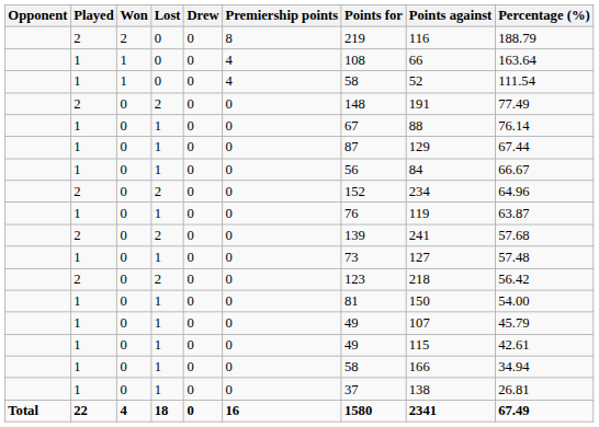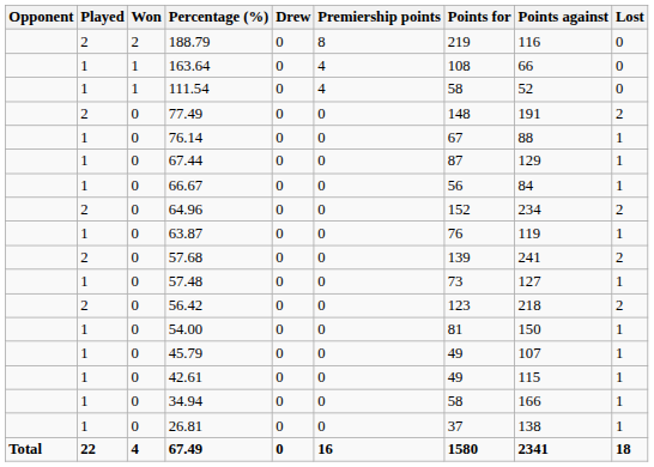 <table class="wikitable">
 <tr>
 <th>Opponent</th>
 <th>Played</th>
 <th>Won</th>
-<th>Lost</th>
+<th>Percentage (%)</th>
 <th>Drew</th>
 <th>Premiership points</th>
 <th>Points for</th>
 <th>Points against</th>
-<th>Percentage (%)</th>
+<th>Lost</th>
 </tr>
 <tr>
 <td></td>
 <td>2</td>
 <td>2</td>
-<td>0</td>
+<td>188.79</td>
 <td>0</td>
 <td>8</td>
 <td>219</td>
 <td>116</td>
-<td>188.79</td>
+<td>0</td>
 </tr>
 <tr>
 <td></td>
 <td>1</td>
 <td>1</td>
-<td>0</td>
+<td>163.64</td>
 <td>0</td>
 <td>4</td>
 <td>108</td>
 <td>66</td>
-<td>163.64</td>
+<td>0</td>
 </tr>
 <tr>
 <td></td>
 <td>1</td>
 <td>1</td>
-<td>0</td>
+<td>111.54</td>
 <td>0</td>
 <td>4</td>
 <td>58</td>
 <td>52</td>
-<td>111.54</td>
+<td>0</td>
 </tr>
 <tr>
 <td></td>
 <td>2</td>
 <td>0</td>
-<td>2</td>
+<td>77.49</td>
 <td>0</td>
 <td>0</td>
 <td>148</td>
 <td>191</td>
-<td>77.49</td>
+<td>2</td>
 </tr>
 <tr>
 <td></td>
 <td>1</td>
 <td>0</td>
-<td>1</td>
+<td>76.14</td>
 <td>0</td>
 <td>0</td>
 <td>67</td>
 <td>88</td>
-<td>76.14</td>
+<td>1</td>
 </tr>
 <tr>
 <td></td>
 <td>1</td>
 <td>0</td>
-<td>1</td>
+<td>67.44</td>
 <td>0</td>
 <td>0</td>
 <td>87</td>
 <td>129</td>
-<td>67.44</td>
+<td>1</td>
 </tr>
 <tr>
 <td></td>
 <td>1</td>
 <td>0</td>
-<td>1</td>
+<td>66.67</td>
 <td>0</td>
 <td>0</td>
 <td>56</td>
 <td>84</td>
-<td>66.67</td>
+<td>1</td>
 </tr>
 <tr>
 <td></td>
 <td>2</td>
 <td>0</td>
-<td>2</td>
+<td>64.96</td>
 <td>0</td>
 <td>0</td>
 <td>152</td>
 <td>234</td>
-<td>64.96</td>
+<td>2</td>
 </tr>
 <tr>
 <td></td>
 <td>1</td>
 <td>0</td>
-<td>1</td>
+<td>63.87</td>
 <td>0</td>
 <td>0</td>
 <td>76</td>
 <td>119</td>
-<td>63.87</td>
+<td>1</td>
 </tr>
 <tr>
 <td></td>
 <td>2</td>
 <td>0</td>
-<td>2</td>
+<td>57.68</td>
 <td>0</td>
 <td>0</td>
 <td>139</td>
 <td>241</td>
-<td>57.68</td>
+<td>2</td>
 </tr>
 <tr>
 <td></td>
 <td>1</td>
 <td>0</td>
-<td>1</td>
+<td>57.48</td>
 <td>0</td>
 <td>0</td>
 <td>73</td>
 <td>127</td>
-<td>57.48</td>
+<td>1</td>
 </tr>
 <tr>
 <td></td>
 <td>2</td>
 <td>0</td>
-<td>2</td>
+<td>56.42</td>
 <td>0</td>
 <td>0</td>
 <td>123</td>
 <td>218</td>
-<td>56.42</td>
+<td>2</td>
 </tr>
 <tr>
 <td></td>
 <td>1</td>
 <td>0</td>
-<td>1</td>
+<td>54.00</td>
 <td>0</td>
 <td>0</td>
 <td>81</td>
 <td>150</td>
-<td>54.00</td>
+<td>1</td>
 </tr>
 <tr>
 <td></td>
 <td>1</td>
 <td>0</td>
-<td>1</td>
+<td>45.79</td>
 <td>0</td>
 <td>0</td>
 <td>49</td>
 <td>107</td>
-<td>45.79</td>
+<td>1</td>
 </tr>
 <tr>
 <td></td>
 <td>1</td>
 <td>0</td>
-<td>1</td>
+<td>42.61</td>
 <td>0</td>
 <td>0</td>
 <td>49</td>
 <td>115</td>
-<td>42.61</td>
+<td>1</td>
 </tr>
 <tr>
 <td></td>
 <td>1</td>
 <td>0</td>
-<td>1</td>
+<td>34.94</td>
 <td>0</td>
 <td>0</td>
 <td>58</td>
 <td>166</td>
-<td>34.94</td>
+<td>1</td>
 </tr>
 <tr>
 <td></td>
 <td>1</td>
 <td>0</td>
-<td>1</td>
+<td>26.81</td>
 <td>0</td>
 <td>0</td>
 <td>37</td>
 <td>138</td>
-<td>26.81</td>
+<td>1</td>
 </tr>
 <tr>
 <td><strong>Total</strong></td>
 <td><strong>22</strong></td>
 <td><strong>4</strong></td>
-<td><strong>18</strong></td>
+<td><strong>67.49</strong></td>
 <td><strong>0</strong></td>
 <td><strong>16</strong></td>
 <td><strong>1580</strong></td>
 <td><strong>2341</strong></td>
-<td><strong>67.49</strong></td>
+<td><strong>18</strong></td>
 </tr>
 </table>
